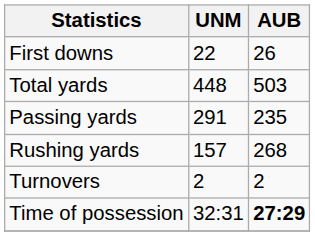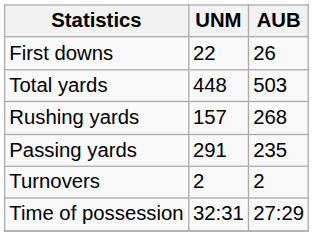 <table class="wikitable" style="float: left;">
 <tr>
 <th>Statistics</th>
 <th>UNM</th>
 <th>AUB</th>
 </tr>
 <tr>
 <td>First downs</td>
 <td>22</td>
 <td>26</td>
 </tr>
 <tr>
 <td>Total yards</td>
 <td>448</td>
 <td>503</td>
 </tr>
 <tr>
+<td>Rushing yards</td>
+<td>157</td>
+<td>268</td>
+</tr>
+<tr>
 <td>Passing yards</td>
 <td>291</td>
 <td>235</td>
-</tr>
-<tr>
-<td>Rushing yards</td>
-<td>157</td>
-<td>268</td>
 </tr>
 <tr>
 <td>Turnovers</td>
 <td>2</td>
 <td>2</td>
 </tr>
 <tr>
 <td>Time of possession</td>
 <td>32:31</td>
-<td><strong>27:29</strong></td>
+<td>27:29</td>
 </tr>
 <tr>
 </tr>
 </table>
